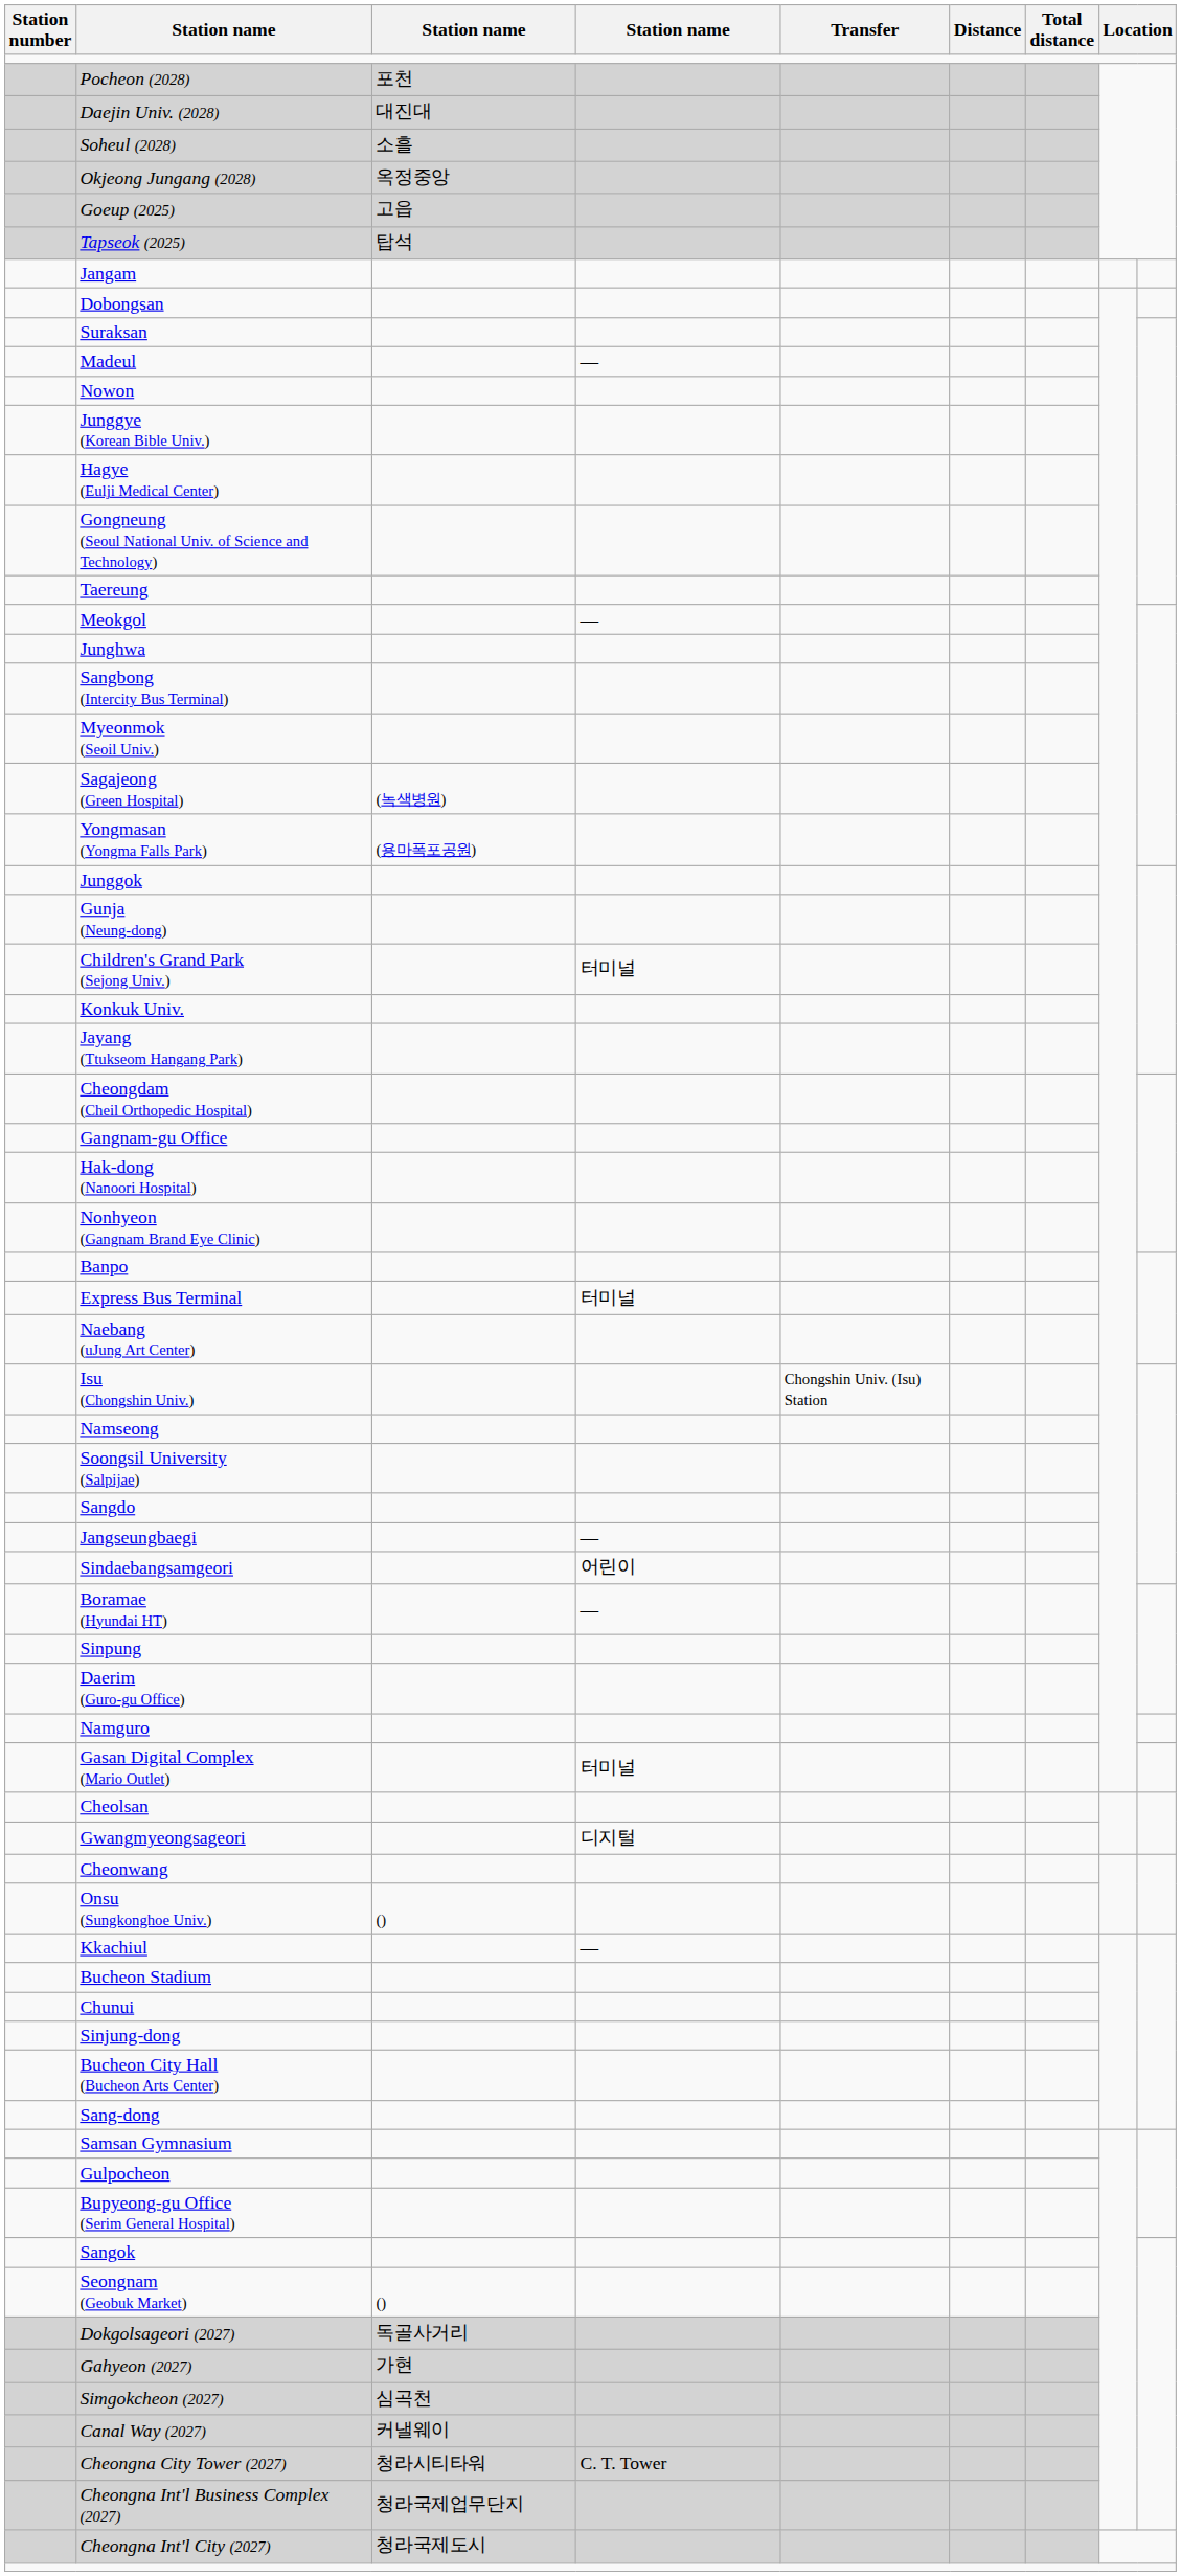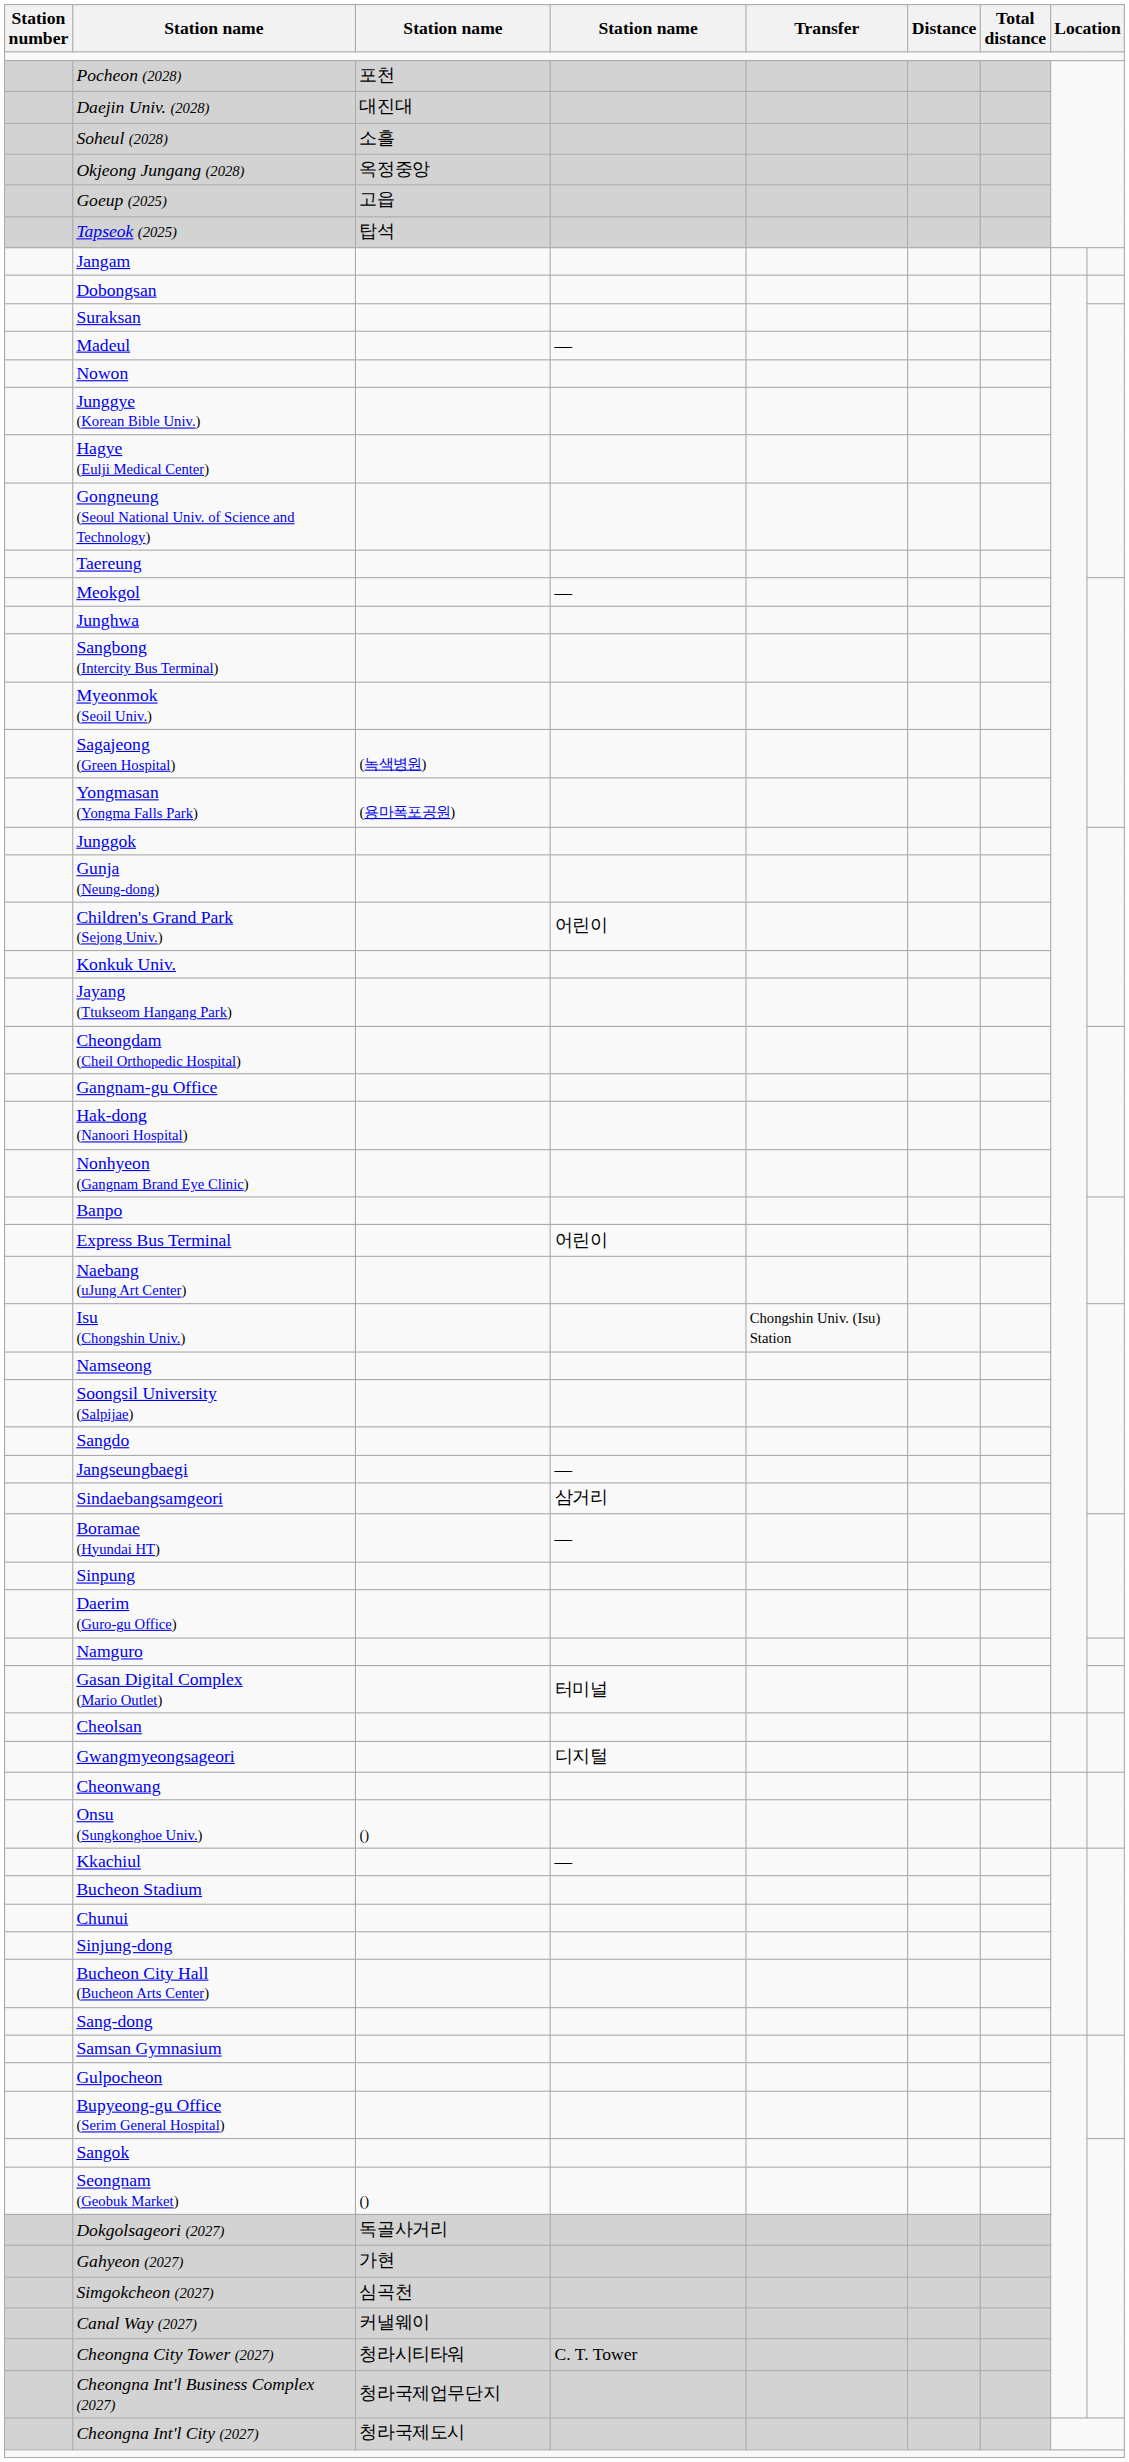 <table class="wikitable">
 <tr>
 <th>Station<br>number</th>
 <th width="250pt">Station name<br></th>
 <th width="170pt">Station name<br></th>
 <th width="170pt">Station name<br></th>
 <th width="140pt">Transfer</th>
 <th>Distance<br></th>
 <th>Total<br>distance</th>
 <th colspan="2">Location</th>
 </tr>
 <tr style="background:#">
 <td colspan="10"></td>
 </tr>
 <tr>
 <td bgcolor="lightgrey"><em></em></td>
 <td bgcolor="lightgrey"><em>Pocheon <small>(2028)</small></em></td>
 <td bgcolor="lightgrey">포천</td>
 <td bgcolor="lightgrey"></td>
 <td bgcolor="lightgray"></td>
 <td bgcolor="lightgrey"></td>
 <td bgcolor="lightgrey"></td>
 </tr>
 <tr>
 <td bgcolor="lightgrey"><em></em></td>
 <td bgcolor="lightgrey"><em>Daejin Univ. <small>(2028)</small></em></td>
 <td bgcolor="lightgrey">대진대</td>
 <td bgcolor="lightgrey"></td>
 <td bgcolor="lightgray"></td>
 <td bgcolor="lightgrey"></td>
 <td bgcolor="lightgrey"></td>
 </tr>
 <tr>
 <td bgcolor="lightgrey"><em></em></td>
 <td bgcolor="lightgrey"><em>Soheul <small>(2028)</small></em></td>
 <td bgcolor="lightgrey">소흘</td>
 <td bgcolor="lightgrey"></td>
 <td bgcolor="lightgray"></td>
 <td bgcolor="lightgrey"></td>
 <td bgcolor="lightgrey"></td>
 </tr>
 <tr>
 <td bgcolor="lightgrey"><em></em></td>
 <td bgcolor="lightgrey"><em>Okjeong Jungang <small>(2028)</small></em></td>
 <td bgcolor="lightgrey">옥정중앙</td>
 <td bgcolor="lightgrey"></td>
 <td bgcolor="lightgray"></td>
 <td bgcolor="lightgrey"></td>
 <td bgcolor="lightgrey"></td>
 </tr>
 <tr>
 <td bgcolor="lightgrey"><em></em></td>
 <td bgcolor="lightgrey"><em>Goeup <small>(2025)</small></em></td>
 <td bgcolor="lightgrey">고읍</td>
 <td bgcolor="lightgrey"></td>
 <td bgcolor="lightgray"></td>
 <td bgcolor="lightgrey"></td>
 <td bgcolor="lightgrey"></td>
 </tr>
 <tr>
 <td bgcolor="lightgrey"><em></em></td>
 <td bgcolor="lightgrey"><em><a href='#'>Tapseok</a> <small>(2025)</small></em></td>
 <td bgcolor="lightgrey">탑석</td>
 <td bgcolor="lightgrey"></td>
 <td bgcolor="lightgrey"></td>
 <td bgcolor="lightgrey"></td>
 <td bgcolor="lightgrey"></td>
 </tr>
 <tr>
 <td></td>
 <td><a href='#'>Jangam</a></td>
 <td></td>
 <td></td>
 <td></td>
 <td></td>
 <td></td>
 <td></td>
 <td></td>
 </tr>
 <tr>
 <td></td>
 <td><a href='#'>Dobongsan</a></td>
 <td></td>
 <td></td>
 <td></td>
 <td></td>
 <td></td>
 <td rowspan="37"></td>
 <td></td>
 </tr>
 <tr>
 <td></td>
 <td><a href='#'>Suraksan</a></td>
 <td></td>
 <td></td>
 <td></td>
 <td></td>
 <td></td>
 <td rowspan="7"></td>
 </tr>
 <tr>
 <td></td>
 <td><a href='#'>Madeul</a></td>
 <td></td>
 <td>—</td>
 <td></td>
 <td></td>
 <td></td>
 </tr>
 <tr>
 <td></td>
 <td><a href='#'>Nowon</a></td>
 <td></td>
 <td></td>
 <td></td>
 <td></td>
 <td></td>
 </tr>
 <tr>
 <td></td>
 <td><a href='#'>Junggye</a> <br><small>(<a href='#'>Korean Bible Univ.</a>)</small></td>
 <td></td>
 <td></td>
 <td></td>
 <td></td>
 <td></td>
 </tr>
 <tr>
 <td></td>
 <td><a href='#'>Hagye</a> <br><small>(<a href='#'>Eulji Medical Center</a>)</small></td>
 <td></td>
 <td></td>
 <td></td>
 <td></td>
 <td></td>
 </tr>
 <tr>
 <td></td>
 <td><a href='#'>Gongneung</a> <br><small>(<a href='#'>Seoul National Univ. of Science and Technology</a>)</small></td>
 <td></td>
 <td></td>
 <td></td>
 <td></td>
 <td></td>
 </tr>
 <tr>
 <td></td>
 <td><a href='#'>Taereung</a></td>
 <td></td>
 <td></td>
 <td></td>
 <td></td>
 <td></td>
 </tr>
 <tr>
 <td></td>
 <td><a href='#'>Meokgol</a></td>
 <td></td>
 <td>—</td>
 <td></td>
 <td></td>
 <td></td>
 <td rowspan="6"></td>
 </tr>
 <tr>
 <td></td>
 <td><a href='#'>Junghwa</a></td>
 <td></td>
 <td></td>
 <td></td>
 <td></td>
 <td></td>
 </tr>
 <tr>
 <td></td>
 <td><a href='#'>Sangbong</a> <br><small>(<a href='#'>Intercity Bus Terminal</a>)</small></td>
 <td></td>
 <td></td>
 <td> </td>
 <td></td>
 <td></td>
 </tr>
 <tr>
 <td></td>
 <td><a href='#'>Myeonmok</a> <br><small>(<a href='#'>Seoil Univ.</a>)</small></td>
 <td></td>
 <td></td>
 <td></td>
 <td></td>
 <td></td>
 </tr>
 <tr>
 <td></td>
 <td><a href='#'>Sagajeong</a> <br><small>(<a href='#'>Green Hospital</a>)</small></td>
 <td> <br><small>(<a href='#'>녹색병원</a>)</small></td>
 <td></td>
 <td></td>
 <td></td>
 <td></td>
 </tr>
 <tr>
 <td></td>
 <td><a href='#'>Yongmasan</a><br><small>(<a href='#'>Yongma Falls Park</a>)</small></td>
 <td> <br><small>(<a href='#'>용마폭포공원</a>)</small></td>
 <td></td>
 <td></td>
 <td></td>
 <td></td>
 </tr>
 <tr>
 <td></td>
 <td><a href='#'>Junggok</a></td>
 <td></td>
 <td></td>
 <td></td>
 <td></td>
 <td></td>
 <td rowspan="5"></td>
 </tr>
 <tr>
 <td></td>
 <td><a href='#'>Gunja</a> <br><small>(<a href='#'>Neung-dong</a>)</small></td>
 <td></td>
 <td></td>
 <td></td>
 <td></td>
 <td></td>
 </tr>
 <tr>
 <td></td>
 <td><a href='#'>Children's Grand Park</a> <br><small>(<a href='#'>Sejong Univ.</a>)</small></td>
 <td></td>
-<td>터미널</td>
+<td>어린이</td>
 <td></td>
 <td></td>
 <td></td>
 </tr>
 <tr>
 <td></td>
 <td><a href='#'>Konkuk Univ.</a></td>
 <td></td>
 <td></td>
 <td></td>
 <td></td>
 <td></td>
 </tr>
 <tr>
 <td></td>
 <td><a href='#'>Jayang</a> <br><small>(<a href='#'>Ttukseom Hangang Park</a>)</small></td>
 <td></td>
 <td></td>
 <td></td>
 <td></td>
 <td></td>
 </tr>
 <tr>
 <td></td>
 <td><a href='#'>Cheongdam</a> <br><small>(<a href='#'>Cheil Orthopedic Hospital</a>)</small></td>
 <td></td>
 <td></td>
 <td></td>
 <td></td>
 <td></td>
 <td rowspan="4"></td>
 </tr>
 <tr>
 <td></td>
 <td><a href='#'>Gangnam-gu Office</a></td>
 <td></td>
 <td></td>
 <td></td>
 <td></td>
 <td></td>
 </tr>
 <tr>
 <td></td>
 <td><a href='#'>Hak-dong</a> <br><small>(<a href='#'>Nanoori Hospital</a>)</small></td>
 <td></td>
 <td></td>
 <td></td>
 <td></td>
 <td></td>
 </tr>
 <tr>
 <td></td>
 <td><a href='#'>Nonhyeon</a> <br><small>(<a href='#'>Gangnam Brand Eye Clinic</a>)</small></td>
 <td></td>
 <td></td>
 <td></td>
 <td></td>
 <td></td>
 </tr>
 <tr>
 <td></td>
 <td><a href='#'>Banpo</a></td>
 <td></td>
 <td></td>
 <td></td>
 <td></td>
 <td></td>
 <td rowspan="3"></td>
 </tr>
 <tr>
 <td></td>
 <td><a href='#'>Express Bus Terminal</a></td>
 <td></td>
-<td>터미널</td>
+<td>어린이</td>
 <td> </td>
 <td></td>
 <td></td>
 </tr>
 <tr>
 <td></td>
 <td><a href='#'>Naebang</a> <br><small>(<a href='#'>uJung Art Center</a>)</small></td>
 <td></td>
 <td></td>
 <td></td>
 <td></td>
 <td></td>
 </tr>
 <tr>
 <td></td>
 <td><a href='#'>Isu</a> <br><small>(<a href='#'>Chongshin Univ.</a>)</small></td>
 <td></td>
 <td></td>
 <td> <small>Chongshin Univ. (Isu) Station</small></td>
 <td></td>
 <td></td>
 <td rowspan="6"></td>
 </tr>
 <tr>
 <td></td>
 <td><a href='#'>Namseong</a></td>
 <td></td>
 <td></td>
 <td></td>
 <td></td>
 <td></td>
 </tr>
 <tr>
 <td></td>
 <td><a href='#'>Soongsil University</a> <br><small>(<a href='#'>Salpijae</a>)</small></td>
 <td></td>
 <td></td>
 <td></td>
 <td></td>
 <td></td>
 </tr>
 <tr>
 <td></td>
 <td><a href='#'>Sangdo</a></td>
 <td></td>
 <td></td>
 <td></td>
 <td></td>
 <td></td>
 </tr>
 <tr>
 <td></td>
 <td><a href='#'>Jangseungbaegi</a></td>
 <td></td>
 <td>—</td>
 <td></td>
 <td></td>
 <td></td>
 </tr>
 <tr>
 <td></td>
 <td><a href='#'>Sindaebangsamgeori</a></td>
 <td></td>
-<td>어린이</td>
+<td>삼거리</td>
 <td></td>
 <td></td>
 <td></td>
 </tr>
 <tr>
 <td></td>
 <td><a href='#'>Boramae</a> <br><small>(<a href='#'>Hyundai HT</a>)</small></td>
 <td></td>
 <td>—</td>
 <td></td>
 <td></td>
 <td></td>
 <td rowspan="3"></td>
 </tr>
 <tr>
 <td></td>
 <td><a href='#'>Sinpung</a></td>
 <td></td>
 <td></td>
 <td></td>
 <td></td>
 <td></td>
 </tr>
 <tr>
 <td></td>
 <td><a href='#'>Daerim</a> <br><small>(<a href='#'>Guro-gu Office</a>)</small></td>
 <td></td>
 <td></td>
 <td></td>
 <td></td>
 <td></td>
 </tr>
 <tr>
 <td></td>
 <td><a href='#'>Namguro</a></td>
 <td></td>
 <td></td>
 <td></td>
 <td></td>
 <td></td>
 <td></td>
 </tr>
 <tr>
 <td></td>
 <td><a href='#'>Gasan Digital Complex</a> <br><small>(<a href='#'>Mario Outlet</a>)</small></td>
 <td></td>
 <td>터미널</td>
 <td></td>
 <td></td>
 <td></td>
 <td></td>
 </tr>
 <tr>
 <td></td>
 <td><a href='#'>Cheolsan</a></td>
 <td></td>
 <td></td>
 <td></td>
 <td></td>
 <td></td>
 <td rowspan="2"></td>
 <td rowspan="2"></td>
 </tr>
 <tr>
 <td></td>
 <td><a href='#'>Gwangmyeongsageori</a></td>
 <td></td>
 <td>디지털</td>
 <td></td>
 <td></td>
 <td></td>
 </tr>
 <tr>
 <td></td>
 <td><a href='#'>Cheonwang</a></td>
 <td></td>
 <td></td>
 <td></td>
 <td></td>
 <td></td>
 <td rowspan="2"></td>
 <td rowspan="2"></td>
 </tr>
 <tr>
 <td></td>
 <td><a href='#'>Onsu</a> <br><small>(<a href='#'>Sungkonghoe Univ.</a>)</small></td>
 <td> <br><small>()</small></td>
 <td></td>
 <td></td>
 <td></td>
 <td></td>
 </tr>
 <tr>
 <td></td>
 <td><a href='#'>Kkachiul</a></td>
 <td></td>
 <td>—</td>
 <td></td>
 <td></td>
 <td></td>
 <td rowspan="6"></td>
 <td rowspan="6"></td>
 </tr>
 <tr>
 <td></td>
 <td><a href='#'>Bucheon Stadium</a></td>
 <td></td>
 <td></td>
 <td></td>
 <td></td>
 <td></td>
 </tr>
 <tr>
 <td></td>
 <td><a href='#'>Chunui</a></td>
 <td></td>
 <td></td>
 <td></td>
 <td></td>
 <td></td>
 </tr>
 <tr>
 <td></td>
 <td><a href='#'>Sinjung-dong</a></td>
 <td></td>
 <td></td>
 <td></td>
 <td></td>
 <td></td>
 </tr>
 <tr>
 <td></td>
 <td><a href='#'>Bucheon City Hall</a> <br><small>(<a href='#'>Bucheon Arts Center</a>)</small></td>
 <td></td>
 <td></td>
 <td></td>
 <td></td>
 <td></td>
 </tr>
 <tr>
 <td></td>
 <td><a href='#'>Sang-dong</a></td>
 <td></td>
 <td></td>
 <td></td>
 <td></td>
 <td></td>
 </tr>
 <tr>
 <td></td>
 <td><a href='#'>Samsan Gymnasium</a></td>
 <td></td>
 <td></td>
 <td></td>
 <td></td>
 <td></td>
 <td rowspan="11"></td>
 <td rowspan="3"></td>
 </tr>
 <tr>
 <td></td>
 <td><a href='#'>Gulpocheon</a></td>
 <td></td>
 <td></td>
 <td></td>
 <td></td>
 <td></td>
 </tr>
 <tr>
 <td></td>
 <td><a href='#'>Bupyeong-gu Office</a> <br><small>(<a href='#'>Serim General Hospital</a>)</small></td>
 <td></td>
 <td></td>
 <td></td>
 <td></td>
 <td></td>
 </tr>
 <tr>
 <td></td>
 <td><a href='#'>Sangok</a></td>
 <td></td>
 <td></td>
 <td></td>
 <td></td>
 <td></td>
 <td rowspan="8"></td>
 </tr>
 <tr>
 <td></td>
 <td><a href='#'>Seongnam</a> <br><small>(<a href='#'>Geobuk Market</a>)</small></td>
 <td> <br><small>()</small></td>
 <td></td>
 <td></td>
 <td></td>
 <td></td>
 </tr>
 <tr>
 <td bgcolor="lightgrey"><em></em></td>
 <td bgcolor="lightgrey"><em>Dokgolsageori <small>(2027)</small></em></td>
 <td bgcolor="lightgrey">독골사거리</td>
 <td bgcolor="lightgrey"></td>
 <td bgcolor="lightgray"></td>
 <td bgcolor="lightgrey"></td>
 <td bgcolor="lightgrey"></td>
 </tr>
 <tr>
 <td bgcolor="lightgrey"><em></em></td>
 <td bgcolor="lightgrey"><em>Gahyeon <small>(2027)</small></em></td>
 <td bgcolor="lightgrey">가현</td>
 <td bgcolor="lightgrey"></td>
 <td bgcolor="lightgray"></td>
 <td bgcolor="lightgrey"></td>
 <td bgcolor="lightgrey"></td>
 </tr>
 <tr>
 <td bgcolor="lightgrey"><em></em></td>
 <td bgcolor="lightgrey"><em>Simgokcheon <small>(2027)</small></em></td>
 <td bgcolor="lightgrey">심곡천</td>
 <td bgcolor="lightgrey"></td>
 <td bgcolor="lightgray"></td>
 <td bgcolor="lightgrey"></td>
 <td bgcolor="lightgrey"></td>
 </tr>
 <tr>
 <td bgcolor="lightgrey"><em></em></td>
 <td bgcolor="lightgrey"><em>Canal Way <small>(2027)</small></em></td>
 <td bgcolor="lightgrey">커낼웨이</td>
 <td bgcolor="lightgrey"></td>
 <td bgcolor="lightgray"></td>
 <td bgcolor="lightgrey"></td>
 <td bgcolor="lightgrey"></td>
 </tr>
 <tr>
 <td bgcolor="lightgrey"><em></em></td>
 <td bgcolor="lightgrey"><em>Cheongna City Tower <small>(2027)</small></em></td>
 <td bgcolor="lightgrey">청라시티타워</td>
 <td bgcolor="lightgrey">C. T. Tower</td>
 <td bgcolor="lightgray"></td>
 <td bgcolor="lightgrey"></td>
 <td bgcolor="lightgrey"></td>
 </tr>
 <tr>
 <td bgcolor="lightgrey"><em></em></td>
 <td bgcolor="lightgrey"><em>Cheongna Int'l Business Complex <small>(2027)</small></em></td>
 <td bgcolor="lightgrey">청라국제업무단지</td>
 <td bgcolor="lightgrey"></td>
 <td bgcolor="lightgray"></td>
 <td bgcolor="lightgrey"></td>
 <td bgcolor="lightgrey"></td>
 </tr>
 <tr>
 <td bgcolor="lightgrey"><em></em></td>
 <td bgcolor="lightgrey"><em>Cheongna Int'l City <small>(2027)</small></em></td>
 <td bgcolor="lightgrey">청라국제도시</td>
 <td bgcolor="lightgrey"></td>
 <td bgcolor="lightgray"></td>
 <td bgcolor="lightgrey"></td>
 <td bgcolor="lightgrey"></td>
 </tr>
 <tr style="background:#">
 <td colspan="10"></td>
 </tr>
 </table>
